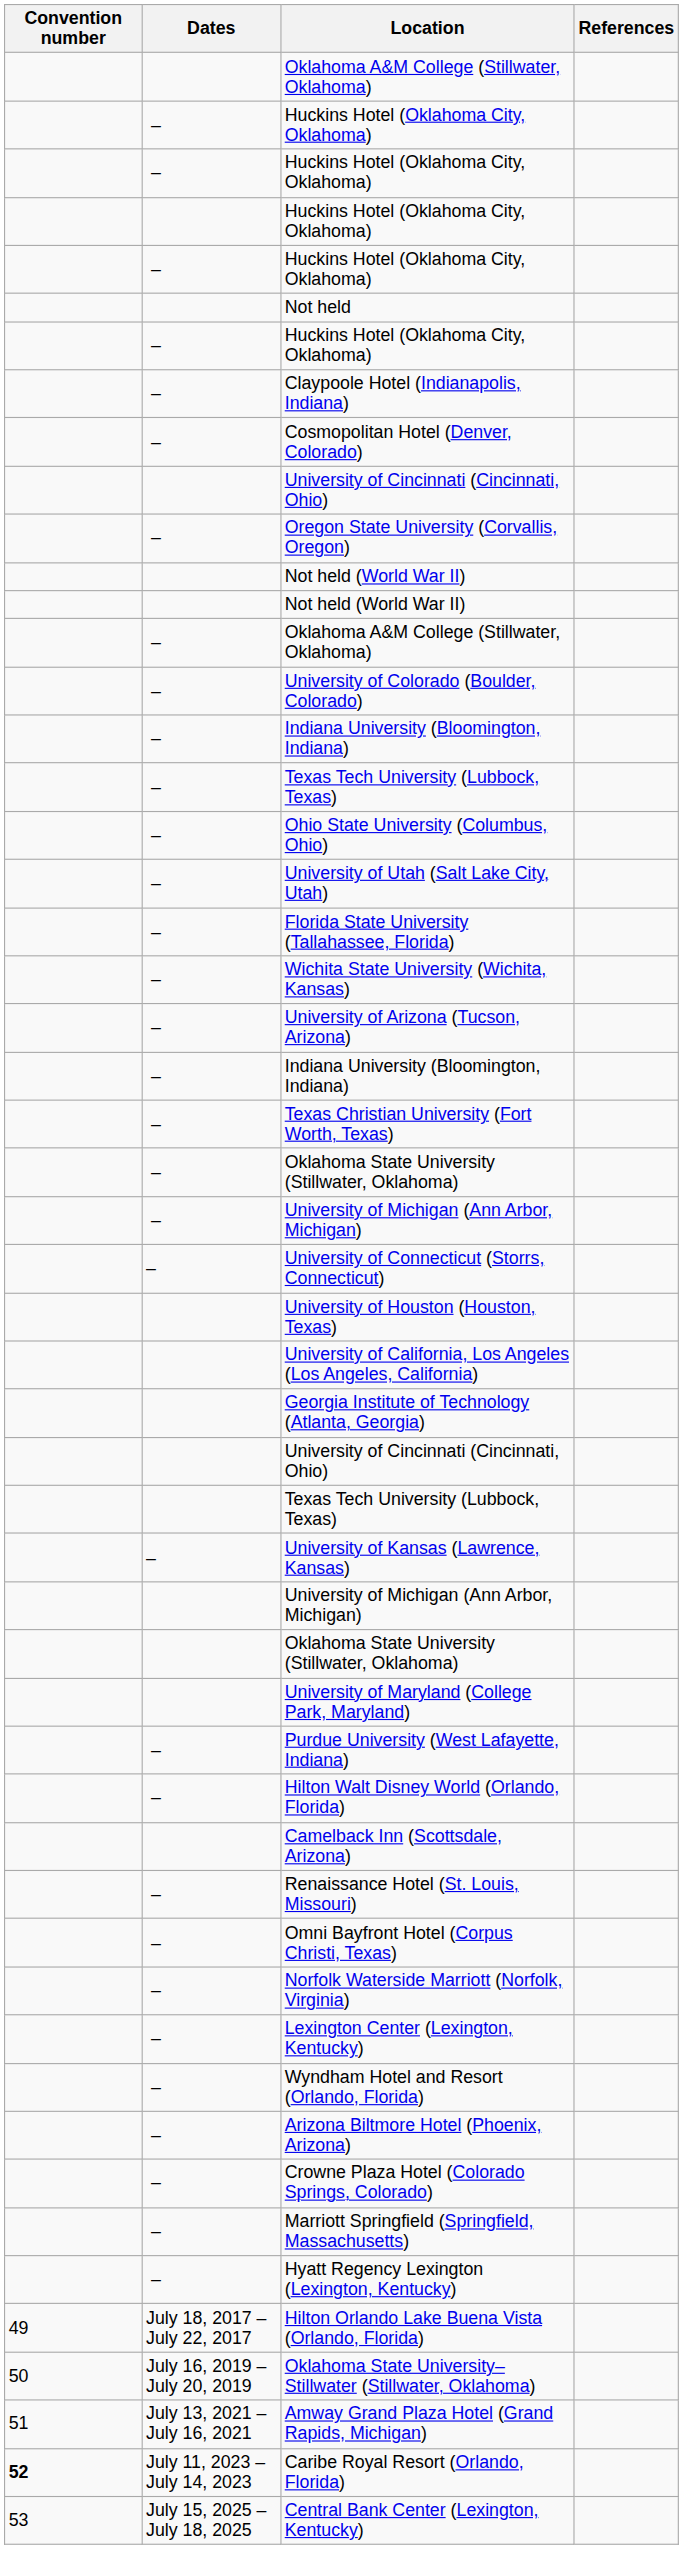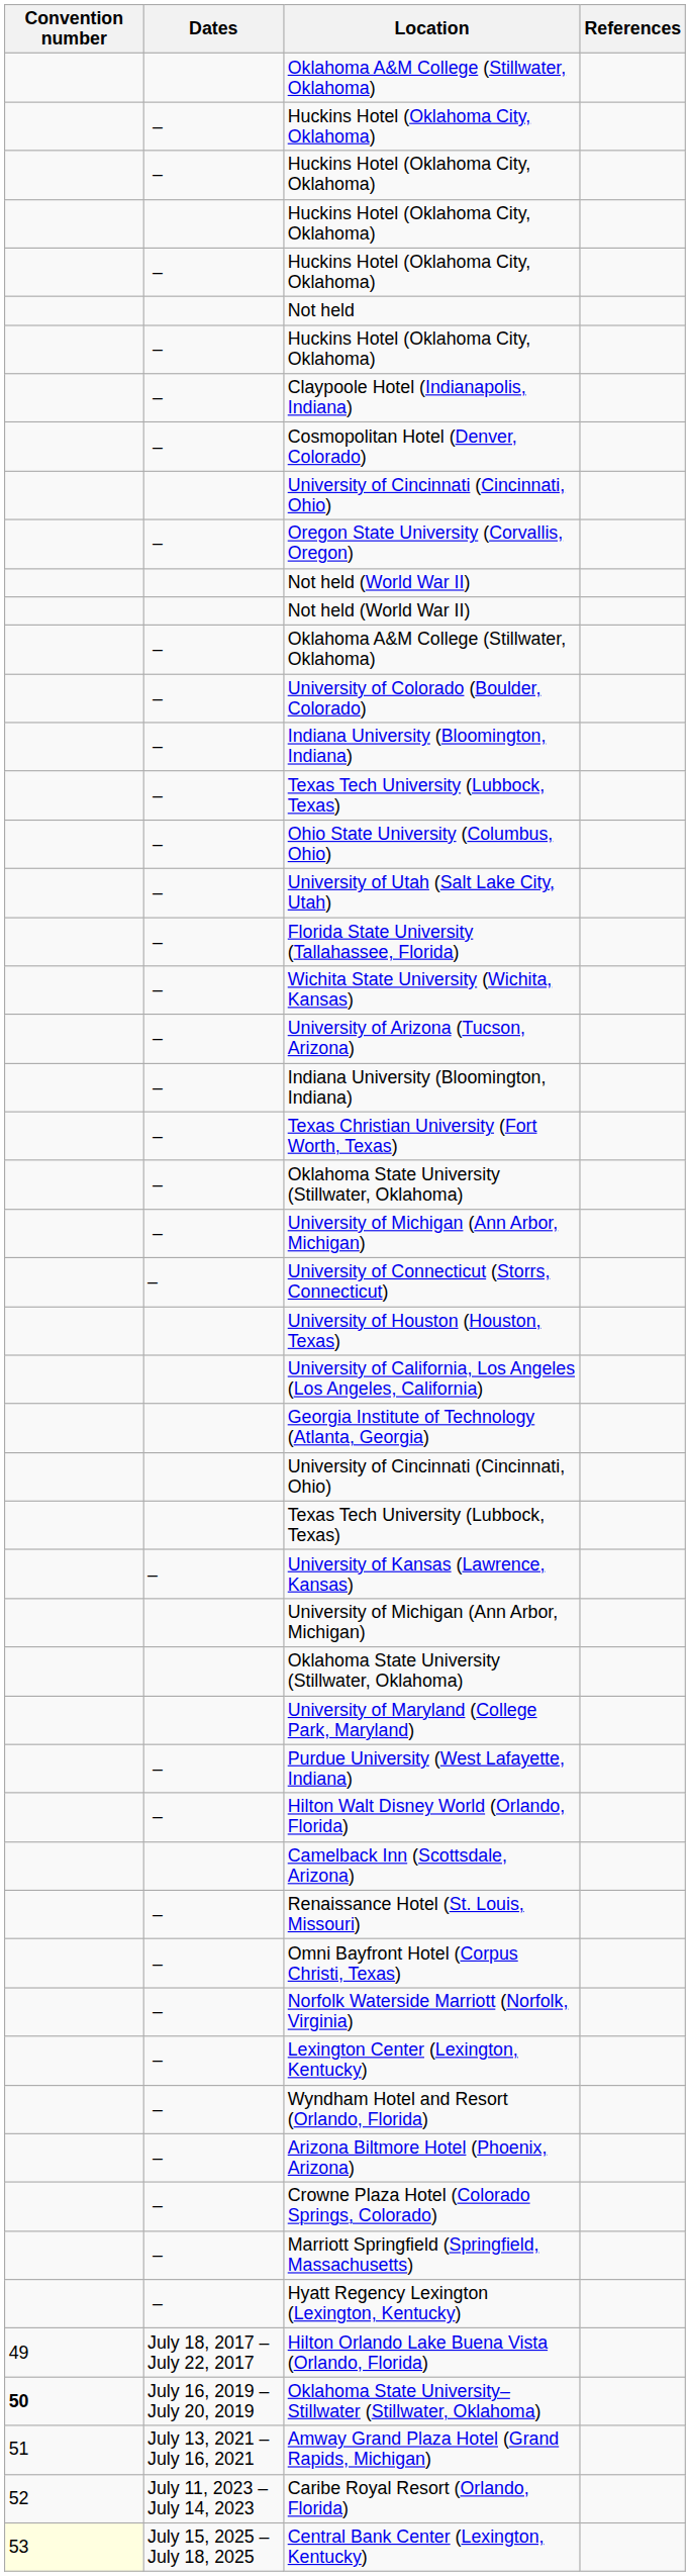 <table class="wikitable sortable">
 <tr>
 <th>Convention number</th>
 <th>Dates</th>
 <th>Location</th>
 <th>References</th>
 </tr>
 <tr>
 <td></td>
 <td></td>
 <td><a href='#'>Oklahoma A&M College</a> (<a href='#'>Stillwater, Oklahoma</a>)</td>
 <td></td>
 </tr>
 <tr>
 <td></td>
 <td> – </td>
 <td>Huckins Hotel (<a href='#'>Oklahoma City, Oklahoma</a>)</td>
 <td></td>
 </tr>
 <tr>
 <td></td>
 <td> – </td>
 <td>Huckins Hotel (Oklahoma City, Oklahoma)</td>
 <td></td>
 </tr>
 <tr>
 <td></td>
 <td></td>
 <td>Huckins Hotel (Oklahoma City, Oklahoma)</td>
 <td></td>
 </tr>
 <tr>
 <td></td>
 <td> – </td>
 <td>Huckins Hotel (Oklahoma City, Oklahoma)</td>
 <td></td>
 </tr>
 <tr>
 <td></td>
 <td></td>
 <td>Not held</td>
 <td></td>
 </tr>
 <tr>
 <td></td>
 <td> – </td>
 <td>Huckins Hotel (Oklahoma City, Oklahoma)</td>
 <td></td>
 </tr>
 <tr>
 <td></td>
 <td> – </td>
 <td>Claypoole Hotel (<a href='#'>Indianapolis, Indiana</a>)</td>
 <td></td>
 </tr>
 <tr>
 <td></td>
 <td> – </td>
 <td>Cosmopolitan Hotel (<a href='#'>Denver, Colorado</a>)</td>
 <td></td>
 </tr>
 <tr>
 <td></td>
 <td></td>
 <td><a href='#'>University of Cincinnati</a> (<a href='#'>Cincinnati, Ohio</a>)</td>
 <td></td>
 </tr>
 <tr>
 <td></td>
 <td> – </td>
 <td><a href='#'>Oregon State University</a> (<a href='#'>Corvallis, Oregon</a>)</td>
 <td></td>
 </tr>
 <tr>
 <td></td>
 <td></td>
 <td>Not held (<a href='#'>World War II</a>)</td>
 <td></td>
 </tr>
 <tr>
 <td></td>
 <td></td>
 <td>Not held (World War II)</td>
 <td></td>
 </tr>
 <tr>
 <td></td>
 <td> – </td>
 <td>Oklahoma A&M College (Stillwater, Oklahoma)</td>
 <td></td>
 </tr>
 <tr>
 <td></td>
 <td> – </td>
 <td><a href='#'>University of Colorado</a> (<a href='#'>Boulder, Colorado</a>)</td>
 <td></td>
 </tr>
 <tr>
 <td></td>
 <td> – </td>
 <td><a href='#'>Indiana University</a> (<a href='#'>Bloomington, Indiana</a>)</td>
 <td></td>
 </tr>
 <tr>
 <td></td>
 <td> – </td>
 <td><a href='#'>Texas Tech University</a> (<a href='#'>Lubbock, Texas</a>)</td>
 <td></td>
 </tr>
 <tr>
 <td></td>
 <td> – </td>
 <td><a href='#'>Ohio State University</a> (<a href='#'>Columbus, Ohio</a>)</td>
 <td></td>
 </tr>
 <tr>
 <td></td>
 <td> – </td>
 <td><a href='#'>University of Utah</a> (<a href='#'>Salt Lake City, Utah</a>)</td>
 <td></td>
 </tr>
 <tr>
 <td></td>
 <td> – </td>
 <td><a href='#'>Florida State University</a> (<a href='#'>Tallahassee, Florida</a>)</td>
 <td></td>
 </tr>
 <tr>
 <td></td>
 <td> – </td>
 <td><a href='#'>Wichita State University</a> (<a href='#'>Wichita, Kansas</a>)</td>
 <td></td>
 </tr>
 <tr>
 <td></td>
 <td> – </td>
 <td><a href='#'>University of Arizona</a> (<a href='#'>Tucson, Arizona</a>)</td>
 <td></td>
 </tr>
 <tr>
 <td></td>
 <td> – </td>
 <td>Indiana University (Bloomington, Indiana)</td>
 <td></td>
 </tr>
 <tr>
 <td></td>
 <td> – </td>
 <td><a href='#'>Texas Christian University</a> (<a href='#'>Fort Worth, Texas</a>)</td>
 <td></td>
 </tr>
 <tr>
 <td></td>
 <td> – </td>
 <td>Oklahoma State University (Stillwater, Oklahoma)</td>
 <td></td>
 </tr>
 <tr>
 <td></td>
 <td> – </td>
 <td><a href='#'>University of Michigan</a> (<a href='#'>Ann Arbor, Michigan</a>)</td>
 <td></td>
 </tr>
 <tr>
 <td></td>
 <td>–</td>
 <td><a href='#'>University of Connecticut</a> (<a href='#'>Storrs, Connecticut</a>)</td>
 <td></td>
 </tr>
 <tr>
 <td></td>
 <td></td>
 <td><a href='#'>University of Houston</a> (<a href='#'>Houston, Texas</a>)</td>
 <td></td>
 </tr>
 <tr>
 <td></td>
 <td></td>
 <td><a href='#'>University of California, Los Angeles</a> (<a href='#'>Los Angeles, California</a>)</td>
 <td></td>
 </tr>
 <tr>
 <td></td>
 <td></td>
 <td><a href='#'>Georgia Institute of Technology</a> (<a href='#'>Atlanta, Georgia</a>)</td>
 <td></td>
 </tr>
 <tr>
 <td></td>
 <td></td>
 <td>University of Cincinnati (Cincinnati, Ohio)</td>
 <td></td>
 </tr>
 <tr>
 <td></td>
 <td></td>
 <td>Texas Tech University (Lubbock, Texas)</td>
 <td></td>
 </tr>
 <tr>
 <td></td>
 <td>–</td>
 <td><a href='#'>University of Kansas</a> (<a href='#'>Lawrence, Kansas</a>)</td>
 <td></td>
 </tr>
 <tr>
 <td></td>
 <td></td>
 <td>University of Michigan (Ann Arbor, Michigan)</td>
 <td></td>
 </tr>
 <tr>
 <td></td>
 <td></td>
 <td>Oklahoma State University (Stillwater, Oklahoma)</td>
 <td></td>
 </tr>
 <tr>
 <td></td>
 <td></td>
 <td><a href='#'>University of Maryland</a> (<a href='#'>College Park, Maryland</a>)</td>
 <td></td>
 </tr>
 <tr>
 <td></td>
 <td> – </td>
 <td><a href='#'>Purdue University</a> (<a href='#'>West Lafayette, Indiana</a>)</td>
 <td></td>
 </tr>
 <tr>
 <td></td>
 <td> – </td>
 <td><a href='#'>Hilton Walt Disney World</a> (<a href='#'>Orlando, Florida</a>)</td>
 <td></td>
 </tr>
 <tr>
 <td></td>
 <td></td>
 <td><a href='#'>Camelback Inn</a> (<a href='#'>Scottsdale, Arizona</a>)</td>
 <td></td>
 </tr>
 <tr>
 <td></td>
 <td> – </td>
 <td>Renaissance Hotel (<a href='#'>St. Louis, Missouri</a>)</td>
 <td></td>
 </tr>
 <tr>
 <td></td>
 <td> – </td>
 <td>Omni Bayfront Hotel (<a href='#'>Corpus Christi, Texas</a>)</td>
 <td></td>
 </tr>
 <tr>
 <td></td>
 <td> – </td>
 <td><a href='#'>Norfolk Waterside Marriott</a> (<a href='#'>Norfolk, Virginia</a>)</td>
 <td></td>
 </tr>
 <tr>
 <td></td>
 <td> – </td>
 <td><a href='#'>Lexington Center</a> (<a href='#'>Lexington, Kentucky</a>)</td>
 <td></td>
 </tr>
 <tr>
 <td></td>
 <td> – </td>
 <td>Wyndham Hotel and Resort (<a href='#'>Orlando, Florida</a>)</td>
 <td></td>
 </tr>
 <tr>
 <td></td>
 <td> – </td>
 <td><a href='#'>Arizona Biltmore Hotel</a> (<a href='#'>Phoenix, Arizona</a>)</td>
 <td></td>
 </tr>
 <tr>
 <td></td>
 <td> – </td>
 <td>Crowne Plaza Hotel (<a href='#'>Colorado Springs, Colorado</a>)</td>
 <td></td>
 </tr>
 <tr>
 <td></td>
 <td> – </td>
 <td>Marriott Springfield (<a href='#'>Springfield, Massachusetts</a>)</td>
 <td></td>
 </tr>
 <tr>
 <td></td>
 <td> – </td>
 <td>Hyatt Regency Lexington (<a href='#'>Lexington, Kentucky</a>)</td>
 <td></td>
 </tr>
 <tr>
 <td>49</td>
 <td>July 18, 2017 – July 22, 2017</td>
 <td><a href='#'>Hilton Orlando Lake Buena Vista</a> (<a href='#'>Orlando, Florida</a>)</td>
 <td></td>
 </tr>
 <tr>
-<td>50</td>
+<td><strong>50</strong></td>
 <td>July 16, 2019 – July 20, 2019</td>
 <td><a href='#'>Oklahoma State University–Stillwater</a> (<a href='#'>Stillwater, Oklahoma</a>)</td>
 <td></td>
 </tr>
 <tr>
 <td>51</td>
 <td>July 13, 2021 – July 16, 2021</td>
 <td><a href='#'>Amway Grand Plaza Hotel</a> (<a href='#'>Grand Rapids, Michigan</a>)</td>
 <td></td>
 </tr>
 <tr>
-<td><strong>52</strong></td>
+<td>52</td>
 <td>July 11, 2023 – July 14, 2023</td>
 <td>Caribe Royal Resort (<a href='#'>Orlando, Florida</a>)</td>
 <td></td>
 </tr>
 <tr>
-<td>53</td>
+<td style="background: lightyellow;">53</td>
 <td>July 15, 2025 – July 18, 2025</td>
 <td><a href='#'>Central Bank Center</a> (<a href='#'>Lexington, Kentucky</a>)</td>
 <td></td>
 </tr>
 </table>
